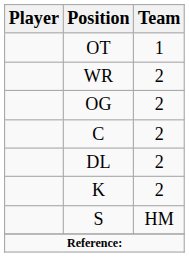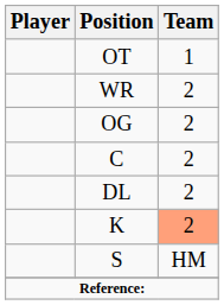 <table class="wikitable sortable sortable" style="text-align: center">
 <tr align=center>
 <th>Player</th>
 <th>Position</th>
 <th>Team</th>
 </tr>
 <tr>
 <td></td>
 <td>OT</td>
 <td>1</td>
 </tr>
 <tr>
 <td></td>
 <td>WR</td>
 <td>2</td>
 </tr>
 <tr>
 <td></td>
 <td>OG</td>
 <td>2</td>
 </tr>
 <tr>
 <td></td>
 <td>C</td>
 <td>2</td>
 </tr>
 <tr>
 <td></td>
 <td>DL</td>
 <td>2</td>
 </tr>
 <tr>
 <td></td>
 <td>K</td>
-<td>2</td>
+<td style="background: lightsalmon;">2</td>
 </tr>
 <tr>
 <td></td>
 <td>S</td>
 <td>HM</td>
 </tr>
 <tr>
 </tr>
 <tr class="sortbottom">
 <td colspan="4"  style="font-size:8pt; text-align:center;"><strong>Reference:</strong></td>
 </tr>
 </table>
